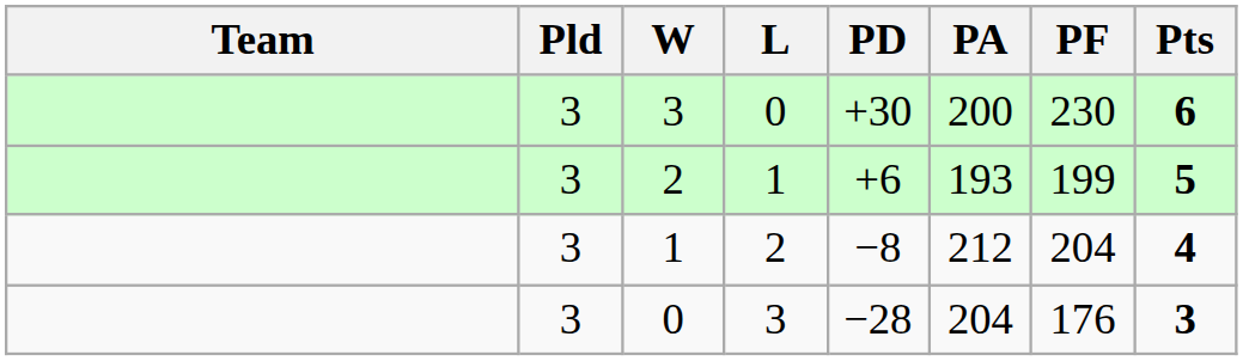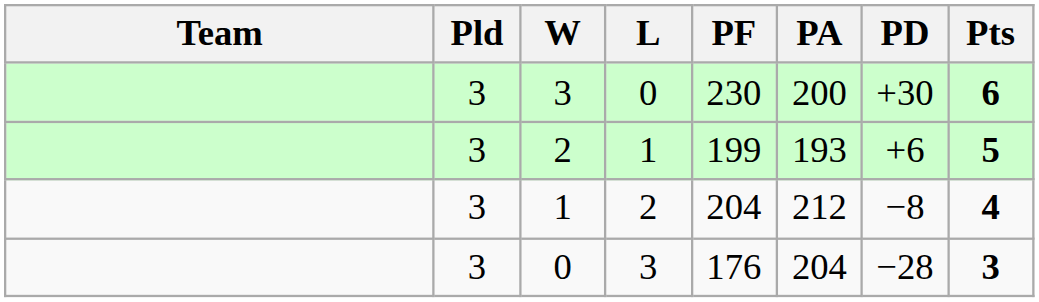 <table class=wikitable style="text-align:center">
 <tr>
 <th width=180>Team</th>
 <th width=30>Pld</th>
 <th width=30>W</th>
 <th width=30>L</th>
+<th width=30>PF</th>
+<th width=30>PA</th>
 <th width=30>PD</th>
-<th width=30>PA</th>
-<th width=30>PF</th>
 <th width=30>Pts</th>
 </tr>
 <tr bgcolor="#ccffcc">
 <td align=left></td>
 <td>3</td>
 <td>3</td>
 <td>0</td>
+<td>230</td>
+<td>200</td>
 <td>+30</td>
-<td>200</td>
-<td>230</td>
 <td><strong>6</strong></td>
 </tr>
 <tr bgcolor="#ccffcc">
 <td align=left></td>
 <td>3</td>
 <td>2</td>
 <td>1</td>
+<td>199</td>
+<td>193</td>
 <td>+6</td>
-<td>193</td>
-<td>199</td>
 <td><strong>5</strong></td>
 </tr>
 <tr align=center>
 <td align=left></td>
 <td>3</td>
 <td>1</td>
 <td>2</td>
+<td>204</td>
+<td>212</td>
 <td>−8</td>
-<td>212</td>
-<td>204</td>
 <td><strong>4</strong></td>
 </tr>
 <tr align=center>
 <td align=left></td>
 <td>3</td>
 <td>0</td>
 <td>3</td>
+<td>176</td>
+<td>204</td>
 <td>−28</td>
-<td>204</td>
-<td>176</td>
 <td><strong>3</strong></td>
 </tr>
 </table>
